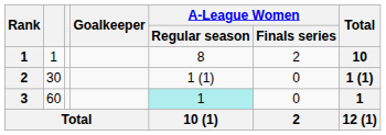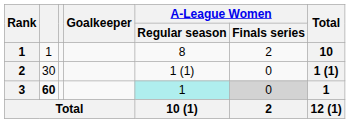 <table class="wikitable" style="text-align:center">
 <tr>
 <th rowspan="2">Rank</th>
 <th rowspan="2"></th>
 <th rowspan="2"></th>
 <th rowspan="2">Goalkeeper</th>
 <th colspan="2"><a href='#'>A-League Women</a></th>
 <th rowspan="2">Total</th>
 </tr>
 <tr>
 <th>Regular season</th>
 <th>Finals series</th>
 </tr>
 <tr>
 <th>1</th>
 <td>1</td>
 <td></td>
 <td align="left"></td>
 <td>8</td>
 <td>2</td>
 <th>10</th>
 </tr>
 <tr>
 <th>2</th>
 <td>30</td>
 <td></td>
 <td align="left"></td>
 <td>1 (1)</td>
 <td>0</td>
 <th>1 (1)</th>
 </tr>
 <tr>
 <th>3</th>
-<td>60</td>
+<td><strong>60</strong></td>
 <td></td>
 <td align="left"></td>
 <td style="background: paleturquoise;">1</td>
-<td>0</td>
+<td style="background: lightgrey;">0</td>
 <th>1</th>
 </tr>
 <tr>
 <th colspan="4">Total</th>
 <th>10 (1)</th>
 <th>2</th>
 <th>12 (1)</th>
 </tr>
 </table>
